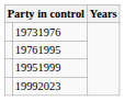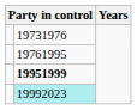 <table class="wikitable">
 <tr>
 <th colspan="2">Party in control</th>
 <th>Years</th>
 </tr>
 <tr>
 <td></td>
 <td>19731976</td>
 </tr>
 <tr>
 <td></td>
 <td>19761995</td>
 </tr>
 <tr>
 <td></td>
-<td>19951999</td>
+<td><strong>19951999</strong></td>
 </tr>
 <tr>
 <td></td>
-<td>19992023</td>
+<td style="background: paleturquoise;">19992023</td>
 </tr>
 </table>
